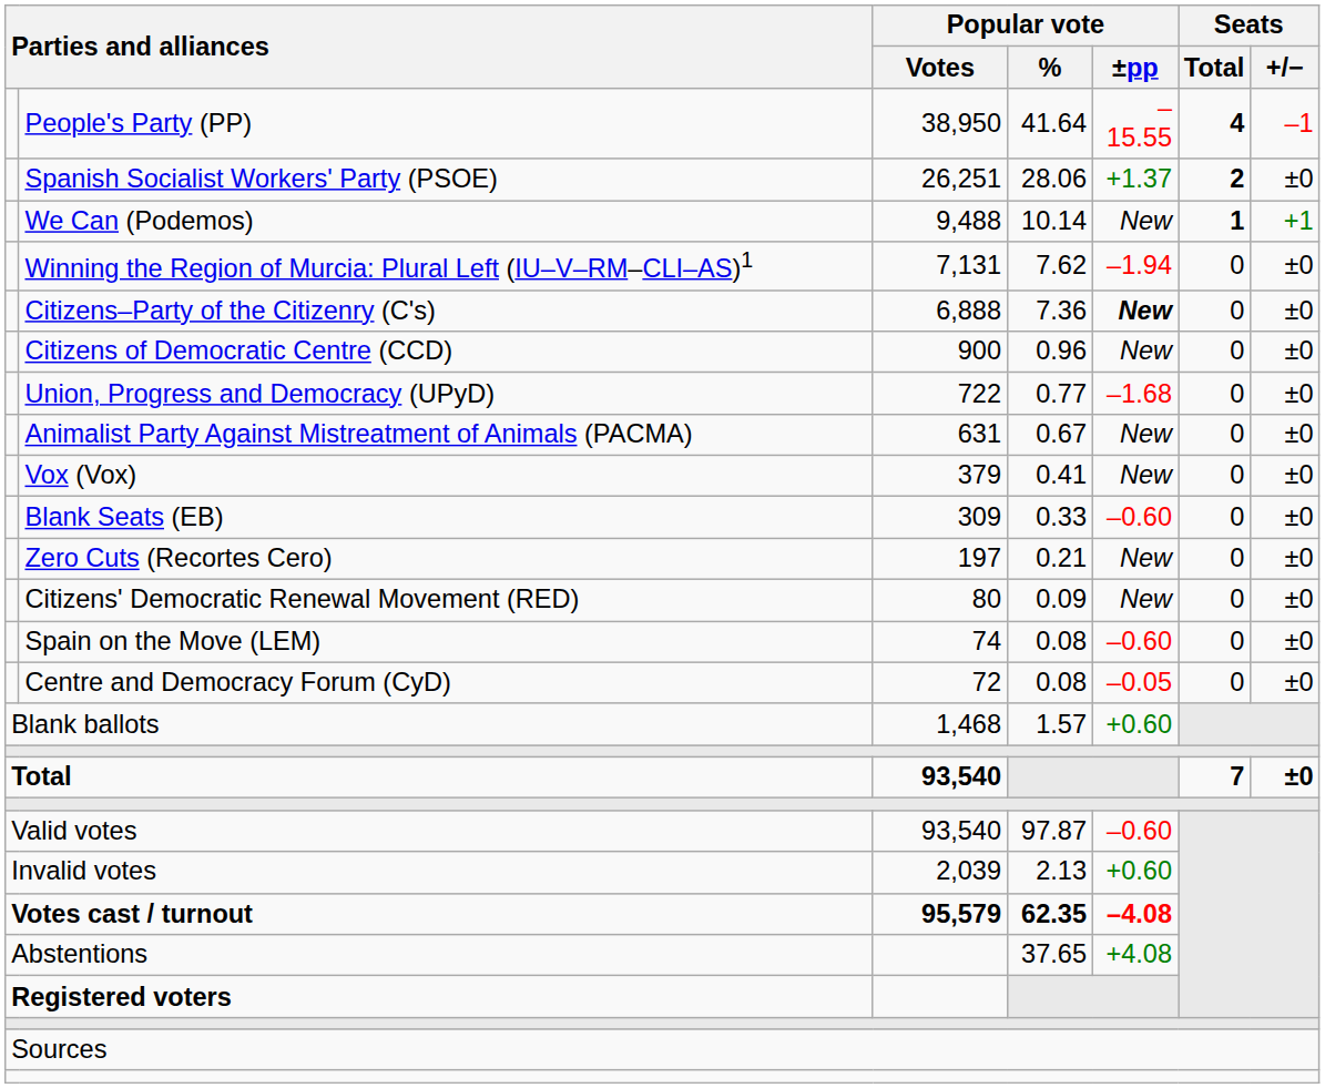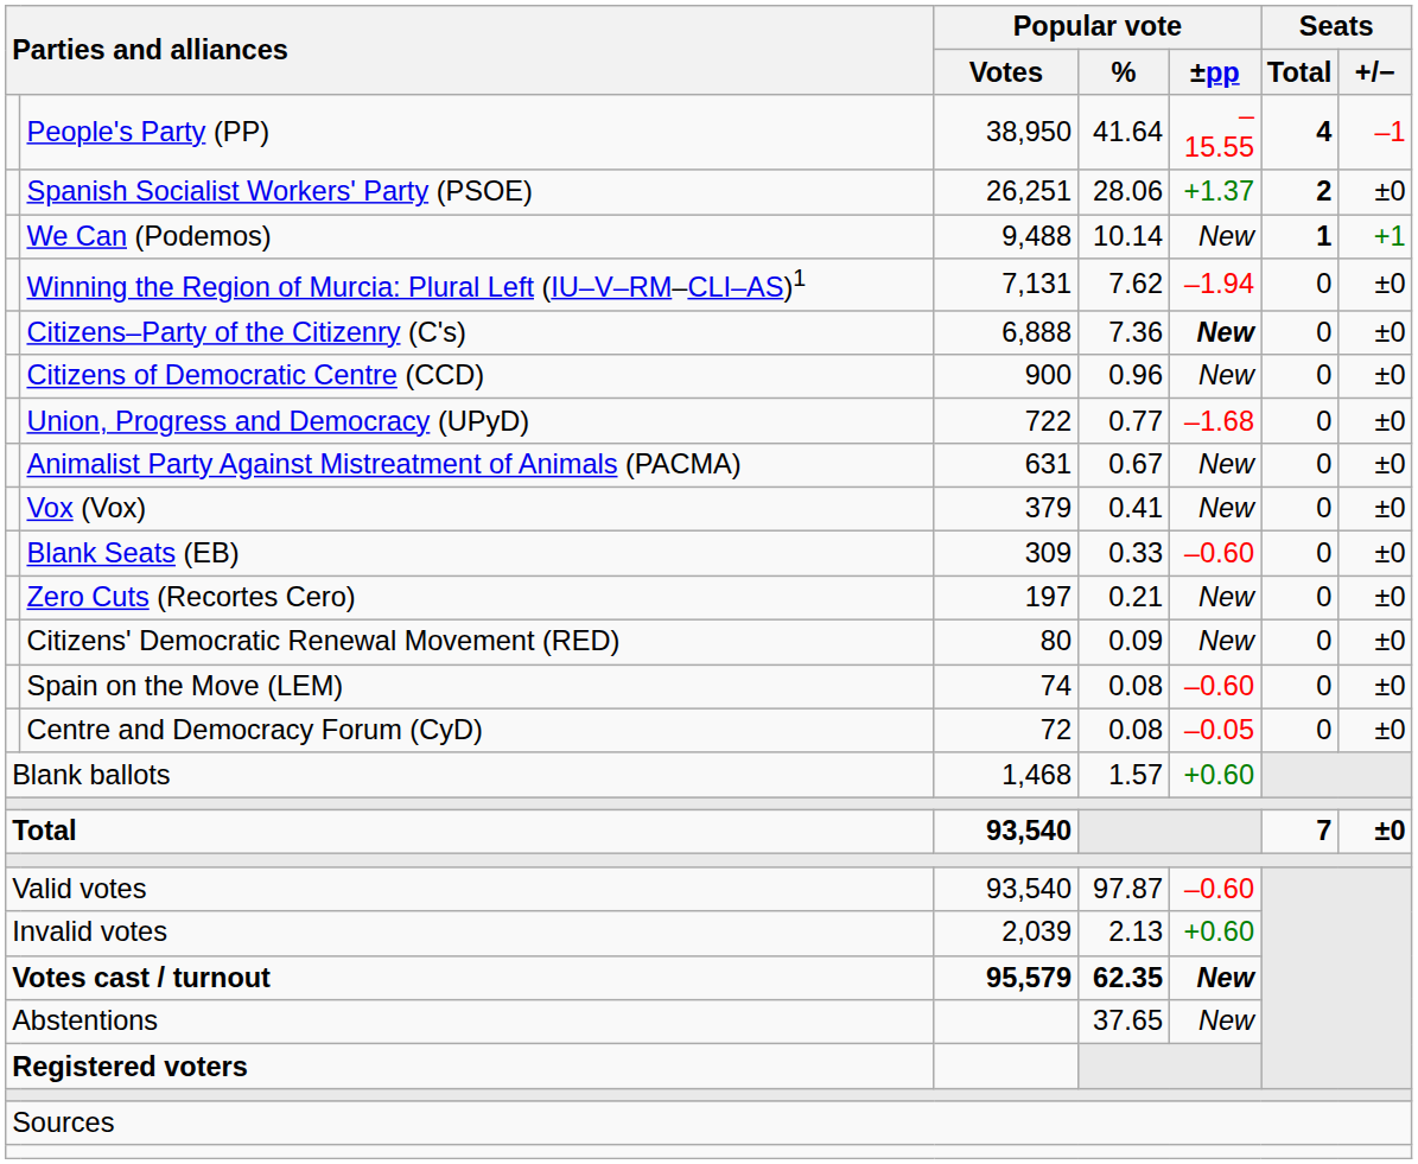 <table class="wikitable" style="text-align:right;">
 <tr>
 <th style="text-align:left;" rowspan="2" colspan="2" width="525">Parties and alliances</th>
 <th colspan="3">Popular vote</th>
 <th colspan="2">Seats</th>
 </tr>
 <tr>
 <th width="75">Votes</th>
 <th width="45">%</th>
 <th width="45">±<a href='#'>pp</a></th>
 <th width="35">Total</th>
 <th width="35">+/−</th>
 </tr>
 <tr>
 <td width="1" style="color:inherit;background:"></td>
 <td align="left"><a href='#'>People's Party</a> (PP)</td>
 <td>38,950</td>
 <td>41.64</td>
 <td style="color:red;">–15.55</td>
 <td><strong>4</strong></td>
 <td style="color:red;">–1</td>
 </tr>
 <tr>
 <td style="color:inherit;background:"></td>
 <td align="left"><a href='#'>Spanish Socialist Workers' Party</a> (PSOE)</td>
 <td>26,251</td>
 <td>28.06</td>
 <td style="color:green;">+1.37</td>
 <td><strong>2</strong></td>
 <td>±0</td>
 </tr>
 <tr>
 <td style="color:inherit;background:"></td>
 <td align="left"><a href='#'>We Can</a> (Podemos)</td>
 <td>9,488</td>
 <td>10.14</td>
 <td><em>New</em></td>
 <td><strong>1</strong></td>
 <td style="color:green;">+1</td>
 </tr>
 <tr>
 <td style="color:inherit;background:"></td>
 <td align="left"><a href='#'>Winning the Region of Murcia: Plural Left</a> (<a href='#'>IU–V–RM</a>–<a href='#'>CLI–AS</a>)<sup>1</sup></td>
 <td>7,131</td>
 <td>7.62</td>
 <td style="color:red;">–1.94</td>
 <td>0</td>
 <td>±0</td>
 </tr>
 <tr>
 <td style="color:inherit;background:"></td>
 <td align="left"><a href='#'>Citizens–Party of the Citizenry</a> (C's)</td>
 <td>6,888</td>
 <td>7.36</td>
 <td><strong><em>New</em></strong></td>
 <td>0</td>
 <td>±0</td>
 </tr>
 <tr>
 <td style="color:inherit;background:"></td>
 <td align="left"><a href='#'>Citizens of Democratic Centre</a> (CCD)</td>
 <td>900</td>
 <td>0.96</td>
 <td><em>New</em></td>
 <td>0</td>
 <td>±0</td>
 </tr>
 <tr>
 <td style="color:inherit;background:"></td>
 <td align="left"><a href='#'>Union, Progress and Democracy</a> (UPyD)</td>
 <td>722</td>
 <td>0.77</td>
 <td style="color:red;">–1.68</td>
 <td>0</td>
 <td>±0</td>
 </tr>
 <tr>
 <td style="color:inherit;background:"></td>
 <td align="left"><a href='#'>Animalist Party Against Mistreatment of Animals</a> (PACMA)</td>
 <td>631</td>
 <td>0.67</td>
 <td><em>New</em></td>
 <td>0</td>
 <td>±0</td>
 </tr>
 <tr>
 <td style="color:inherit;background:"></td>
 <td align="left"><a href='#'>Vox</a> (Vox)</td>
 <td>379</td>
 <td>0.41</td>
 <td><em>New</em></td>
 <td>0</td>
 <td>±0</td>
 </tr>
 <tr>
 <td style="color:inherit;background:"></td>
 <td align="left"><a href='#'>Blank Seats</a> (EB)</td>
 <td>309</td>
 <td>0.33</td>
 <td style="color:red;">–0.60</td>
 <td>0</td>
 <td>±0</td>
 </tr>
 <tr>
 <td style="color:inherit;background:"></td>
 <td align="left"><a href='#'>Zero Cuts</a> (Recortes Cero)</td>
 <td>197</td>
 <td>0.21</td>
 <td><em>New</em></td>
 <td>0</td>
 <td>±0</td>
 </tr>
 <tr>
 <td style="color:inherit;background:"></td>
 <td align="left">Citizens' Democratic Renewal Movement (RED)</td>
 <td>80</td>
 <td>0.09</td>
 <td><em>New</em></td>
 <td>0</td>
 <td>±0</td>
 </tr>
 <tr>
 <td style="color:inherit;background:"></td>
 <td align="left">Spain on the Move (LEM)</td>
 <td>74</td>
 <td>0.08</td>
 <td style="color:red;">–0.60</td>
 <td>0</td>
 <td>±0</td>
 </tr>
 <tr>
 <td style="color:inherit;background:"></td>
 <td align="left">Centre and Democracy Forum (CyD)</td>
 <td>72</td>
 <td>0.08</td>
 <td style="color:red;">–0.05</td>
 <td>0</td>
 <td>±0</td>
 </tr>
 <tr>
 <td align="left" colspan="2">Blank ballots</td>
 <td>1,468</td>
 <td>1.57</td>
 <td style="color:green;">+0.60</td>
 <td bgcolor="#E9E9E9" colspan="2"></td>
 </tr>
 <tr>
 <td colspan="7" bgcolor="#E9E9E9"></td>
 </tr>
 <tr style="font-weight:bold;">
 <td align="left" colspan="2">Total</td>
 <td>93,540</td>
 <td bgcolor="#E9E9E9" colspan="2"></td>
 <td>7</td>
 <td>±0</td>
 </tr>
 <tr>
 <td colspan="7" bgcolor="#E9E9E9"></td>
 </tr>
 <tr>
 <td align="left" colspan="2">Valid votes</td>
 <td>93,540</td>
 <td>97.87</td>
 <td style="color:red;">–0.60</td>
 <td bgcolor="#E9E9E9" colspan="2" rowspan="5"></td>
 </tr>
 <tr>
 <td align="left" colspan="2">Invalid votes</td>
 <td>2,039</td>
 <td>2.13</td>
 <td style="color:green;">+0.60</td>
 </tr>
 <tr style="font-weight:bold;">
 <td align="left" colspan="2">Votes cast / turnout</td>
 <td>95,579</td>
 <td>62.35</td>
-<td style="color:red;">–4.08</td>
+<td><em>New</em></td>
 </tr>
 <tr>
 <td align="left" colspan="2">Abstentions</td>
 <td></td>
 <td>37.65</td>
-<td style="color:green;">+4.08</td>
+<td><em>New</em></td>
 </tr>
 <tr style="font-weight:bold;">
 <td align="left" colspan="2">Registered voters</td>
 <td></td>
 <td bgcolor="#E9E9E9" colspan="2"></td>
 </tr>
 <tr>
 <td colspan="7" bgcolor="#E9E9E9"></td>
 </tr>
 <tr>
 <td align="left" colspan="7">Sources</td>
 </tr>
 <tr>
 <td colspan="7" style="text-align:left; max-width:790px;"></td>
 </tr>
 </table>
